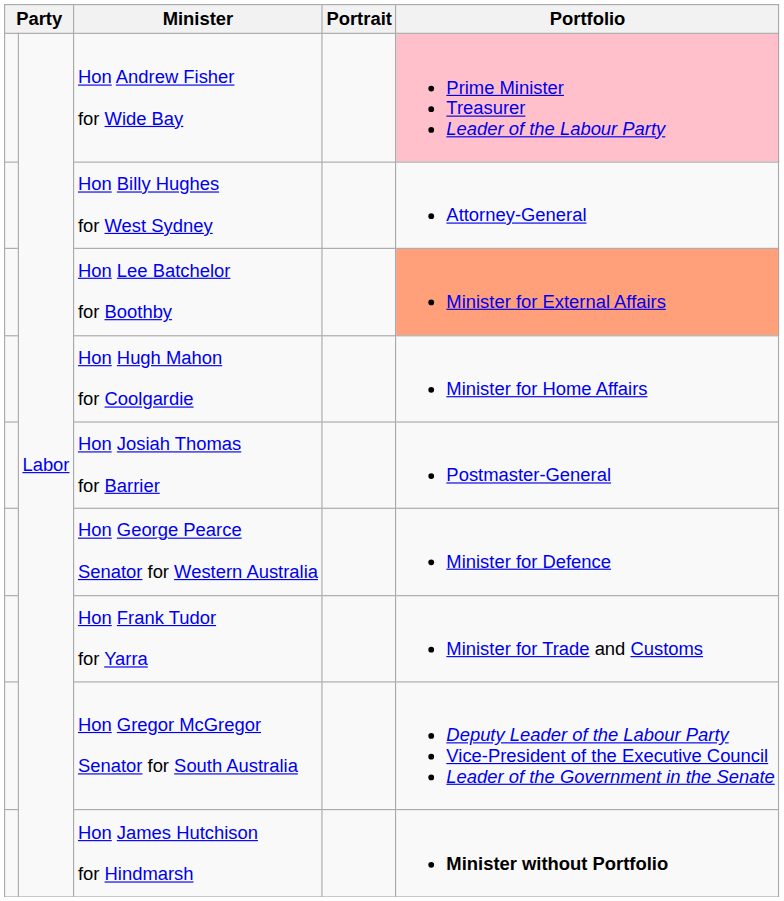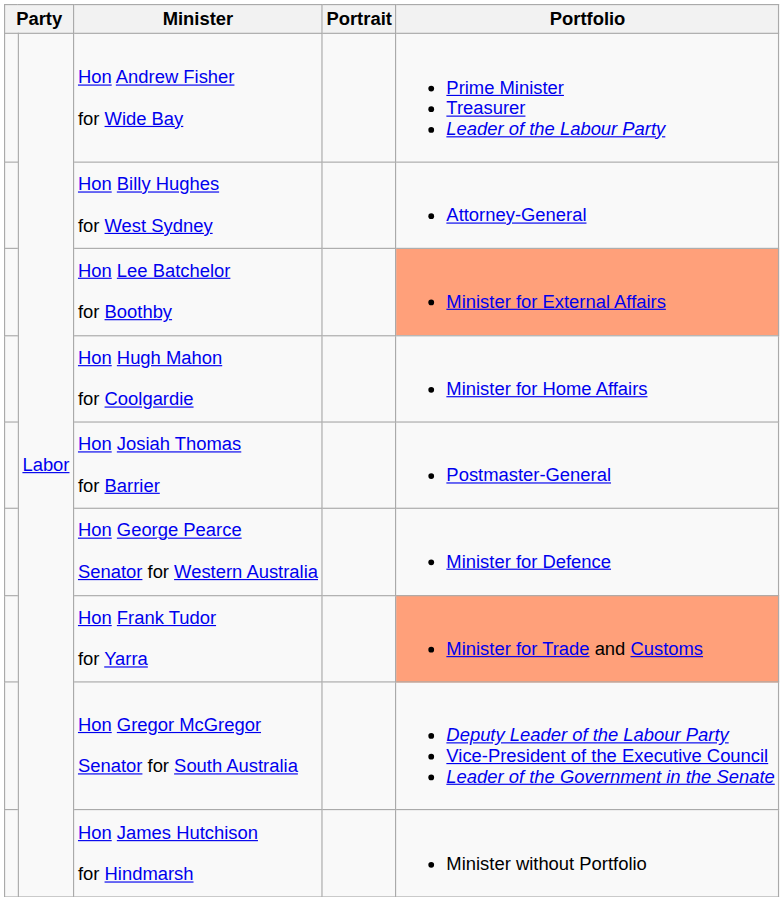 <table class="wikitable sortable">
 <tr>
 <th colspan="2">Party</th>
 <th>Minister</th>
 <th>Portrait</th>
 <th>Portfolio</th>
 </tr>
 <tr>
 <td> </td>
 <td rowspan=9><a href='#'>Labor</a></td>
 <td><a href='#'>Hon</a> <a href='#'>Andrew Fisher</a> <br><br> for <a href='#'>Wide Bay</a> <br></td>
 <td></td>
-<td style="background: pink;"><br><ul><li><a href='#'>Prime Minister</a></li><li><a href='#'>Treasurer</a></li><li><em><a href='#'>Leader of the Labour Party</a></em></li></ul></td>
+<td><br><ul><li><a href='#'>Prime Minister</a></li><li><a href='#'>Treasurer</a></li><li><em><a href='#'>Leader of the Labour Party</a></em></li></ul></td>
 </tr>
 <tr>
 <td> </td>
 <td><a href='#'>Hon</a> <a href='#'>Billy Hughes</a> <br><br> for <a href='#'>West Sydney</a> <br></td>
 <td></td>
 <td><br><ul><li><a href='#'>Attorney-General</a></li></ul></td>
 </tr>
 <tr>
 <td> </td>
 <td><a href='#'>Hon</a> <a href='#'>Lee Batchelor</a> <br><br> for <a href='#'>Boothby</a> <br></td>
 <td></td>
 <td style="background: lightsalmon;"><br><ul><li><a href='#'>Minister for External Affairs</a></li></ul></td>
 </tr>
 <tr>
 <td> </td>
 <td><a href='#'>Hon</a> <a href='#'>Hugh Mahon</a> <br><br> for <a href='#'>Coolgardie</a> <br></td>
 <td></td>
 <td><br><ul><li><a href='#'>Minister for Home Affairs</a></li></ul></td>
 </tr>
 <tr>
 <td> </td>
 <td><a href='#'>Hon</a> <a href='#'>Josiah Thomas</a> <br><br> for <a href='#'>Barrier</a> <br></td>
 <td></td>
 <td><br><ul><li><a href='#'>Postmaster-General</a></li></ul></td>
 </tr>
 <tr>
 <td> </td>
 <td><a href='#'>Hon</a> <a href='#'>George Pearce</a> <br><br><a href='#'>Senator</a> for <a href='#'>Western Australia</a> <br></td>
 <td></td>
 <td><br><ul><li><a href='#'>Minister for Defence</a></li></ul></td>
 </tr>
 <tr>
 <td> </td>
 <td><a href='#'>Hon</a> <a href='#'>Frank Tudor</a> <br><br> for <a href='#'>Yarra</a> <br></td>
 <td></td>
-<td><br><ul><li><a href='#'>Minister for Trade</a> and <a href='#'>Customs</a></li></ul></td>
+<td style="background: lightsalmon;"><br><ul><li><a href='#'>Minister for Trade</a> and <a href='#'>Customs</a></li></ul></td>
 </tr>
 <tr>
 <td> </td>
 <td><a href='#'>Hon</a> <a href='#'>Gregor McGregor</a> <br><br><a href='#'>Senator</a> for <a href='#'>South Australia</a> <br></td>
 <td></td>
 <td><br><ul><li><em><a href='#'>Deputy Leader of the Labour Party</a></em></li><li><a href='#'>Vice-President of the Executive Council</a></li><li><em><a href='#'>Leader of the Government in the Senate</a></em></li></ul></td>
 </tr>
 <tr>
 <td> </td>
 <td><a href='#'>Hon</a> <a href='#'>James Hutchison</a> <br><br> for <a href='#'>Hindmarsh</a> <br></td>
 <td></td>
-<td><strong><br><ul><li>Minister without Portfolio</li></ul></strong></td>
+<td><br><ul><li>Minister without Portfolio</li></ul></td>
 </tr>
 </table>
